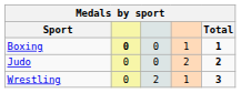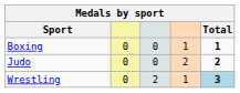 <table class="wikitable" style="font-size:90%; text-align:center;">
 <tr>
 <th colspan="5">Medals by sport</th>
 </tr>
 <tr>
 <th width="120">Sport</th>
 <th scope="col" width="30" style="background:#F7F6A8;"></th>
 <th scope="col" width="30" style="background:#DCE5E5;"></th>
 <th scope="col" width="30" style="background:#FFDAB9;"></th>
 <th width="30">Total</th>
 </tr>
 <tr>
 <td align="left"><a href='#'>Boxing</a></td>
-<td style="background:#F7F6A8;"><strong>0</strong></td>
+<td style="background:#F7F6A8;">0</td>
 <td style="background:#DCE5E5;">0</td>
 <td style="background:#FFDAB9;">1</td>
 <td><strong>1</strong></td>
 </tr>
 <tr>
 <td align="left"><a href='#'>Judo</a></td>
 <td style="background:#F7F6A8;">0</td>
 <td style="background:#DCE5E5;">0</td>
 <td style="background:#FFDAB9;">2</td>
 <td><strong>2</strong></td>
 </tr>
 <tr>
 <td align="left"><a href='#'>Wrestling</a></td>
 <td style="background:#F7F6A8;">0</td>
 <td style="background:#DCE5E5;">2</td>
 <td style="background:#FFDAB9;">1</td>
-<td><strong>3</strong></td>
+<td style="background: lightblue;"><strong>3</strong></td>
 </tr>
 </table>
